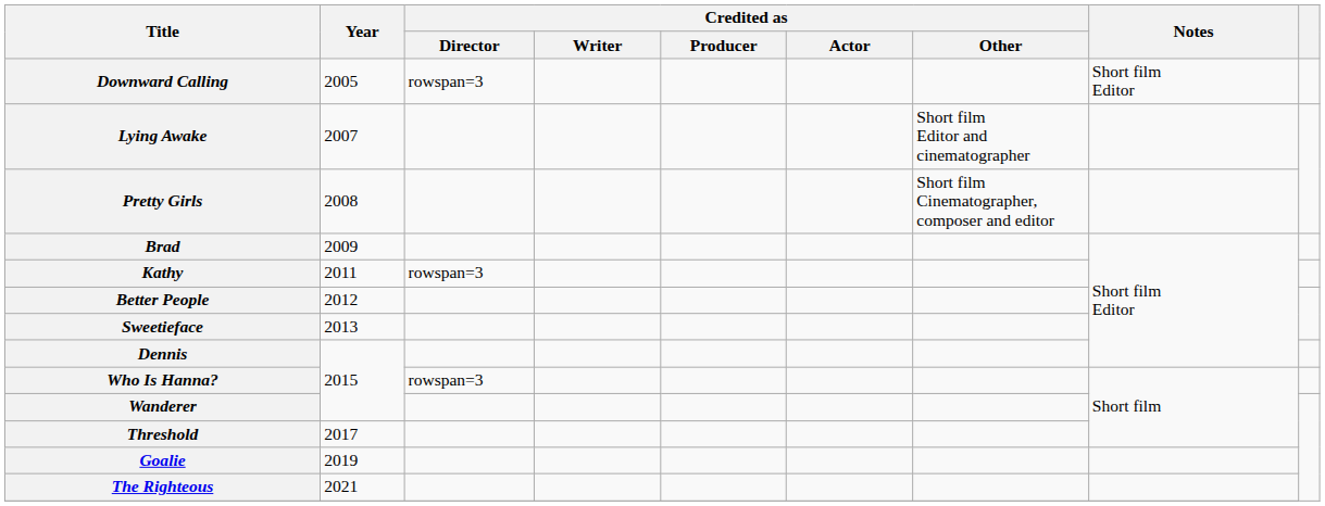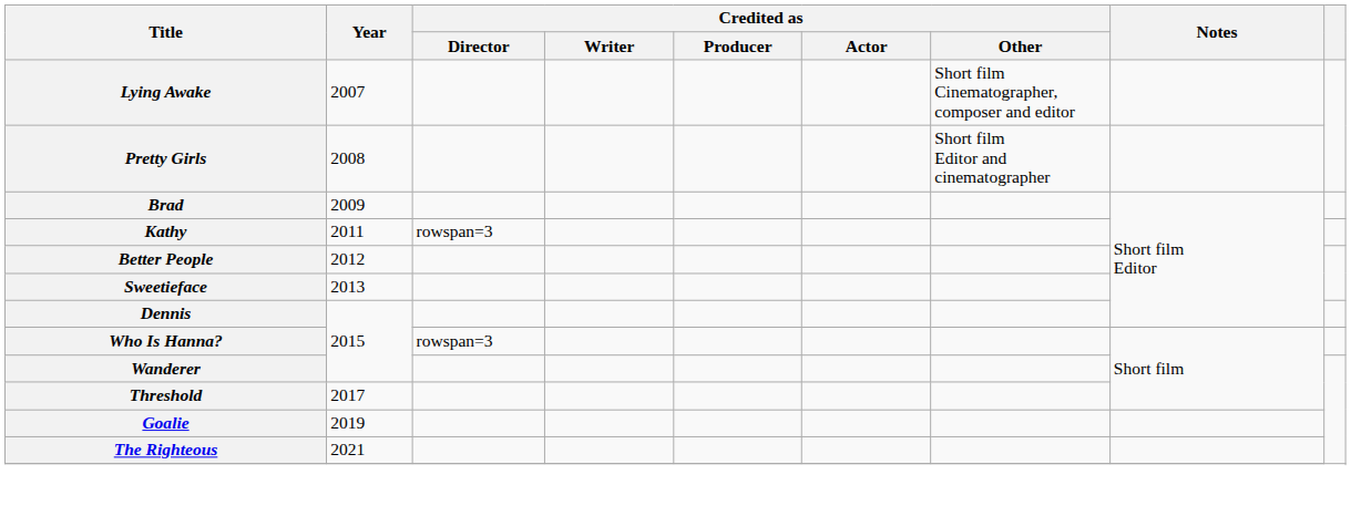 <table class="wikitable sortable plainrowheaders">
 <tr>
 <th width="15%" rowspan="2" scope="col">Title</th>
 <th width="4%" rowspan="2" scope="col">Year</th>
 <th colspan="5" scope="col">Credited as</th>
 <th width="10%" rowspan="2" scope="col" class="unsortable">Notes</th>
 <th width="1%" rowspan="2" scope="col" class="unsortable"></th>
 </tr>
 <tr>
 <th width=6%>Director</th>
 <th width=6%>Writer</th>
 <th width=6%>Producer</th>
 <th width=6%>Actor</th>
 <th width=6%>Other</th>
 </tr>
 <tr>
-<th scope="row"><em>Downward Calling</em></th>
-<td>2005</td>
-<td>rowspan=3 </td>
-<td></td>
-<td></td>
-<td></td>
-<td></td>
-<td>Short film<br>Editor</td>
-<td style="text-align:center;"></td>
-</tr>
-<tr>
 <th scope="row"><em>Lying Awake</em></th>
 <td>2007</td>
 <td></td>
 <td></td>
 <td></td>
 <td></td>
-<td>Short film<br>Editor and cinematographer</td>
+<td>Short film<br>Cinematographer, composer and editor</td>
 <td style="text-align:center;"></td>
 </tr>
 <tr>
 <th scope="row"><em>Pretty Girls</em></th>
 <td>2008</td>
 <td></td>
 <td></td>
 <td></td>
 <td></td>
-<td>Short film<br>Cinematographer, composer and editor</td>
+<td>Short film<br>Editor and cinematographer</td>
 <td style="text-align:center;"></td>
 </tr>
 <tr>
 <th scope="row"><em>Brad</em></th>
 <td>2009</td>
 <td></td>
 <td></td>
 <td></td>
 <td></td>
 <td></td>
 <td rowspan=5>Short film<br>Editor</td>
 <td style="text-align:center;"></td>
 </tr>
 <tr>
 <th scope="row"><em>Kathy</em></th>
 <td>2011</td>
 <td>rowspan=3 </td>
 <td></td>
 <td></td>
 <td></td>
 <td></td>
 <td style="text-align:center;"></td>
 </tr>
 <tr>
 <th scope="row"><em>Better People</em></th>
 <td>2012</td>
 <td></td>
 <td></td>
 <td></td>
 <td></td>
 <td style="text-align:center;"></td>
 </tr>
 <tr>
 <th scope="row"><em>Sweetieface</em></th>
 <td>2013</td>
 <td></td>
 <td></td>
 <td></td>
 <td></td>
 <td style="text-align:center;"></td>
 </tr>
 <tr>
 <th scope="row"><em>Dennis</em></th>
 <td rowspan=3>2015</td>
 <td></td>
 <td></td>
 <td></td>
 <td></td>
 <td></td>
 <td style="text-align:center;"></td>
 </tr>
 <tr>
 <th scope="row"><em>Who Is Hanna?</em></th>
 <td>rowspan=3 </td>
 <td></td>
 <td></td>
 <td></td>
 <td></td>
 <td rowspan=3>Short film</td>
 <td style="text-align:center;"></td>
 </tr>
 <tr>
 <th scope="row"><em>Wanderer</em></th>
 <td></td>
 <td></td>
 <td></td>
 <td></td>
 <td style="text-align:center;"></td>
 </tr>
 <tr>
 <th scope="row"><em>Threshold</em></th>
 <td>2017</td>
 <td></td>
 <td></td>
 <td></td>
 <td></td>
 <td style="text-align:center;"></td>
 </tr>
 <tr>
 <th scope="row"><em><a href='#'>Goalie</a></em></th>
 <td>2019</td>
 <td></td>
 <td></td>
 <td></td>
 <td></td>
 <td></td>
 <td style="text-align:center;"></td>
 </tr>
 <tr>
 <th scope="row" data-sort-value="Righteous, The"><em><a href='#'>The Righteous</a></em></th>
 <td>2021</td>
 <td></td>
 <td></td>
 <td></td>
 <td></td>
 <td></td>
 <td style="text-align:center;"></td>
 </tr>
 <tr>
 </tr>
 </table>
